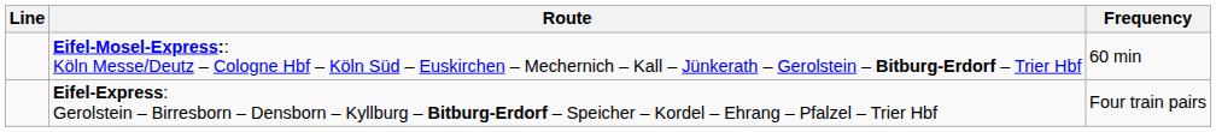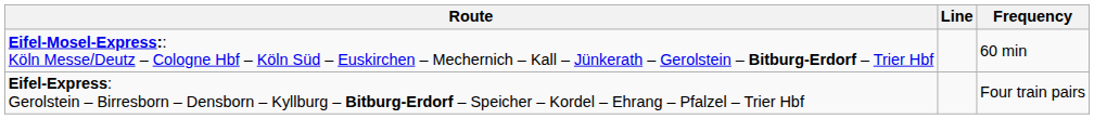 <table class="wikitable">
 <tr>
+<th>Route</th>
 <th>Line</th>
-<th>Route</th>
 <th>Frequency</th>
 </tr>
 <tr>
+<td><strong><a href='#'>Eifel-Mosel-Express</a>:</strong>:<br><a href='#'>Köln Messe/Deutz</a> – <a href='#'>Cologne Hbf</a> – <a href='#'>Köln Süd</a> – <a href='#'>Euskirchen</a> – Mechernich – Kall – <a href='#'>Jünkerath</a> – <a href='#'>Gerolstein</a> – <strong>Bitburg-Erdorf</strong> – <a href='#'>Trier Hbf</a></td>
 <td></td>
-<td><strong><a href='#'>Eifel-Mosel-Express</a>:</strong>:<br><a href='#'>Köln Messe/Deutz</a> – <a href='#'>Cologne Hbf</a> – <a href='#'>Köln Süd</a> – <a href='#'>Euskirchen</a> – Mechernich – Kall – <a href='#'>Jünkerath</a> – <a href='#'>Gerolstein</a> – <strong>Bitburg-Erdorf</strong> – <a href='#'>Trier Hbf</a></td>
 <td>60 min</td>
 </tr>
 <tr>
+<td><strong>Eifel-Express</strong>:<br>Gerolstein – Birresborn – Densborn – Kyllburg – <strong>Bitburg-Erdorf</strong> – Speicher – Kordel – Ehrang – Pfalzel – Trier Hbf</td>
 <td></td>
-<td><strong>Eifel-Express</strong>:<br>Gerolstein – Birresborn – Densborn – Kyllburg – <strong>Bitburg-Erdorf</strong> – Speicher – Kordel – Ehrang – Pfalzel – Trier Hbf</td>
 <td>Four train pairs</td>
 </tr>
 </table>
